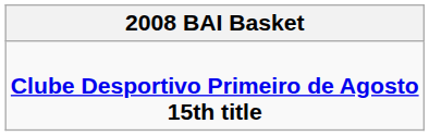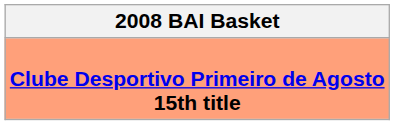 <table class=wikitable style="text-align:center; margin:auto">
 <tr>
 <th>2008 BAI Basket</th>
 </tr>
 <tr>
-<td><br><strong><a href='#'>Clube Desportivo Primeiro de Agosto</a></strong><br><strong>15th title</strong></td>
+<td style="background: lightsalmon;"><br><strong><a href='#'>Clube Desportivo Primeiro de Agosto</a></strong><br><strong>15th title</strong></td>
 </tr>
 </table>
